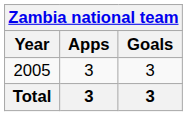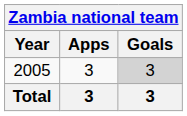 <table class="wikitable" style="text-align:center">
 <tr>
 <th colspan=3><a href='#'>Zambia national team</a></th>
 </tr>
 <tr>
 <th>Year</th>
 <th>Apps</th>
 <th>Goals</th>
 </tr>
 <tr>
 <td>2005</td>
 <td>3</td>
-<td>3</td>
+<td style="background: lightgrey;">3</td>
 </tr>
 <tr>
 <th>Total</th>
 <th>3</th>
 <th>3</th>
 </tr>
 </table>
